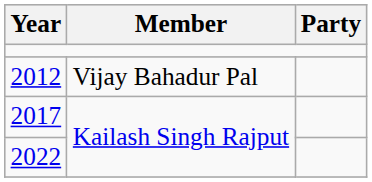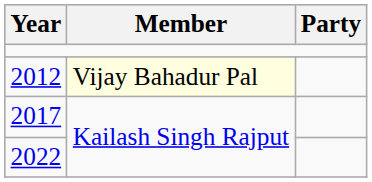 <table class="wikitable sortable">
 <tr>
 <th>Year</th>
 <th>Member</th>
 <th colspan="2">Party</th>
 </tr>
 <tr>
 <td colspan="4"></td>
 </tr>
 <tr>
 <td><a href='#'>2012</a></td>
-<td>Vijay Bahadur Pal</td>
+<td style="background: lightyellow;">Vijay Bahadur Pal</td>
 <td></td>
 </tr>
 <tr>
 <td><a href='#'>2017</a></td>
 <td rowspan="2"><a href='#'>Kailash Singh Rajput</a></td>
 <td></td>
 </tr>
 <tr>
 <td><a href='#'>2022</a></td>
 </tr>
 </table>
